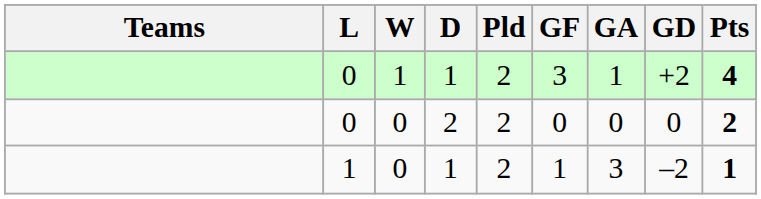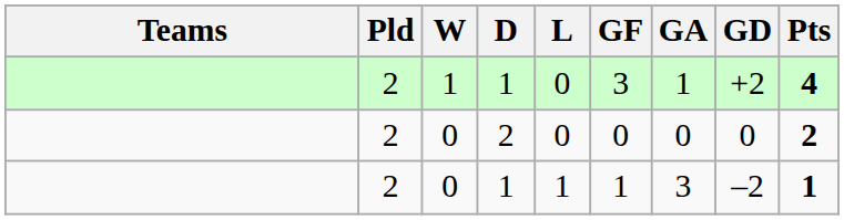 <table class="wikitable" style="text-align: center;">
 <tr>
 <th width=165>Teams</th>
-<th width=20>L</th>
+<th width=20>Pld</th>
 <th width=20>W</th>
 <th width=20>D</th>
-<th width=20>Pld</th>
+<th width=20>L</th>
 <th width=20>GF</th>
 <th width=20>GA</th>
 <th width=20>GD</th>
 <th width=20>Pts</th>
 </tr>
 <tr align=center style="background:#ccffcc;">
 <td style="text-align:left;"></td>
-<td>0</td>
+<td>2</td>
 <td>1</td>
 <td>1</td>
-<td>2</td>
+<td>0</td>
 <td>3</td>
 <td>1</td>
 <td>+2</td>
 <td><strong>4</strong></td>
 </tr>
 <tr align=center>
 <td style="text-align:left;"></td>
-<td>0</td>
+<td>2</td>
 <td>0</td>
 <td>2</td>
-<td>2</td>
+<td>0</td>
 <td>0</td>
 <td>0</td>
 <td>0</td>
 <td><strong>2</strong></td>
 </tr>
 <tr align=center>
 <td style="text-align:left;"></td>
-<td>1</td>
+<td>2</td>
 <td>0</td>
 <td>1</td>
-<td>2</td>
+<td>1</td>
 <td>1</td>
 <td>3</td>
 <td>–2</td>
 <td><strong>1</strong></td>
 </tr>
 </table>
